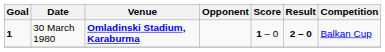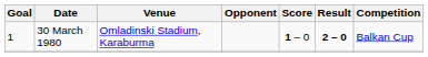 <table class="wikitable">
 <tr>
 <th>Goal</th>
 <th>Date</th>
 <th>Venue</th>
 <th>Opponent</th>
 <th>Score</th>
 <th>Result</th>
 <th>Competition</th>
 </tr>
 <tr>
-<td><strong>1</strong></td>
+<td>1</td>
 <td>30 March 1980</td>
-<td><strong><a href='#'>Omladinski Stadium</a>, <a href='#'>Karaburma</a></strong></td>
+<td><a href='#'>Omladinski Stadium</a>, <a href='#'>Karaburma</a></td>
 <td></td>
 <td align="center"><strong>1</strong> – 0</td>
 <td align="center"><strong>2 – 0</strong></td>
 <td><a href='#'>Balkan Cup</a></td>
 </tr>
 <tr>
 </tr>
 </table>
